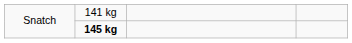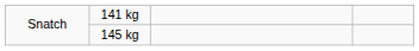 <table class = "wikitable" style="text-align:center;">
 <tr>
 <td rowspan=2 width=100>Snatch</td>
 <td width=70>141 kg</td>
 <td width=250 align=left></td>
 <td width=70></td>
 </tr>
 <tr>
-<td><strong>145 kg</strong></td>
+<td>145 kg</td>
 <td align=left></td>
 <td></td>
 </tr>
 </table>
